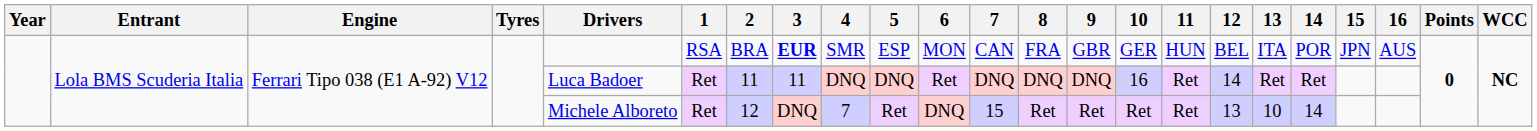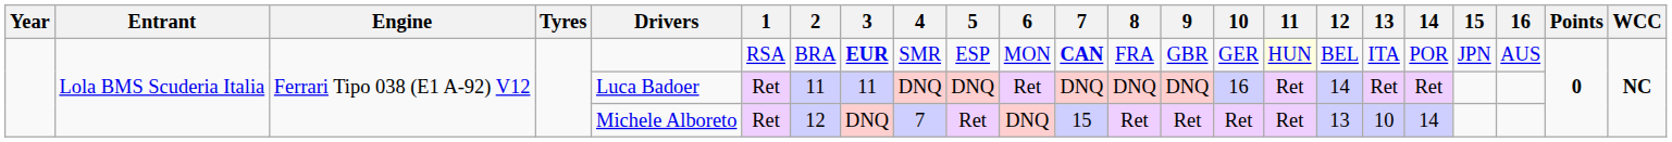 <table class="wikitable" style="text-align:center; font-size:90%">
 <tr>
 <th>Year</th>
 <th>Entrant</th>
 <th>Engine</th>
 <th>Tyres</th>
 <th>Drivers</th>
 <th>1</th>
 <th>2</th>
 <th>3</th>
 <th>4</th>
 <th>5</th>
 <th>6</th>
 <th>7</th>
 <th>8</th>
 <th>9</th>
 <th>10</th>
 <th>11</th>
 <th>12</th>
 <th>13</th>
 <th>14</th>
 <th>15</th>
 <th>16</th>
 <th>Points</th>
 <th>WCC</th>
 </tr>
 <tr>
 <td rowspan="3"></td>
 <td rowspan="3"><a href='#'>Lola BMS Scuderia Italia</a></td>
 <td rowspan="3"><a href='#'>Ferrari</a> Tipo 038 (E1 A-92) <a href='#'>V12</a></td>
 <td rowspan="3"></td>
 <td></td>
 <td><a href='#'>RSA</a></td>
 <td><a href='#'>BRA</a></td>
 <td><strong><a href='#'>EUR</a></strong></td>
 <td><a href='#'>SMR</a></td>
 <td><a href='#'>ESP</a></td>
 <td><a href='#'>MON</a></td>
-<td><a href='#'>CAN</a></td>
+<td><strong><a href='#'>CAN</a></strong></td>
 <td><a href='#'>FRA</a></td>
 <td><a href='#'>GBR</a></td>
 <td><a href='#'>GER</a></td>
-<td><a href='#'>HUN</a></td>
+<td style="background: lightyellow;"><a href='#'>HUN</a></td>
 <td><a href='#'>BEL</a></td>
 <td><a href='#'>ITA</a></td>
 <td><a href='#'>POR</a></td>
 <td><a href='#'>JPN</a></td>
 <td><a href='#'>AUS</a></td>
 <td rowspan="3"><strong>0</strong></td>
 <td rowspan="3"><strong>NC</strong></td>
 </tr>
 <tr>
 <td align="left"><a href='#'>Luca Badoer</a></td>
 <td style="background:#efcfff;">Ret</td>
 <td style="background:#cfcfff;">11</td>
 <td style="background:#cfcfff;">11</td>
 <td style="background:#ffcfcf;">DNQ</td>
 <td style="background:#ffcfcf;">DNQ</td>
 <td style="background:#efcfff;">Ret</td>
 <td style="background:#ffcfcf;">DNQ</td>
 <td style="background:#ffcfcf;">DNQ</td>
 <td style="background:#ffcfcf;">DNQ</td>
 <td style="background:#cfcfff;">16</td>
 <td style="background:#efcfff;">Ret</td>
 <td style="background:#cfcfff;">14</td>
 <td style="background:#efcfff;">Ret</td>
 <td style="background:#efcfff;">Ret</td>
 <td></td>
 <td></td>
 </tr>
 <tr>
 <td align="left"><a href='#'>Michele Alboreto</a></td>
 <td style="background:#efcfff;">Ret</td>
 <td style="background:#cfcfff;">12</td>
 <td style="background:#ffcfcf;">DNQ</td>
 <td style="background:#cfcfff;">7</td>
 <td style="background:#efcfff;">Ret</td>
 <td style="background:#ffcfcf;">DNQ</td>
 <td style="background:#cfcfff;">15</td>
 <td style="background:#efcfff;">Ret</td>
 <td style="background:#efcfff;">Ret</td>
 <td style="background:#efcfff;">Ret</td>
 <td style="background:#efcfff;">Ret</td>
 <td style="background:#cfcfff;">13</td>
 <td style="background:#cfcfff;">10</td>
 <td style="background:#cfcfff;">14</td>
 <td></td>
 <td></td>
 </tr>
 </table>
